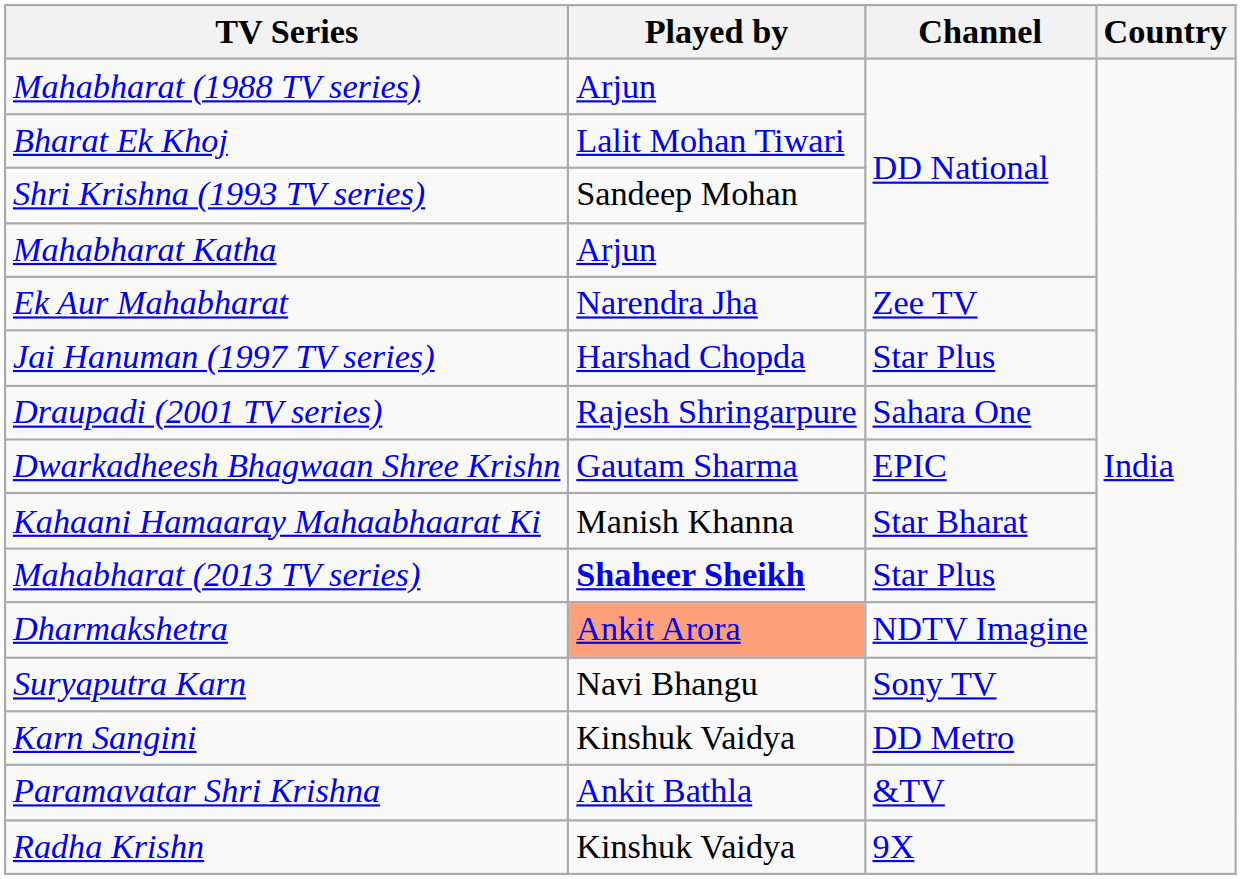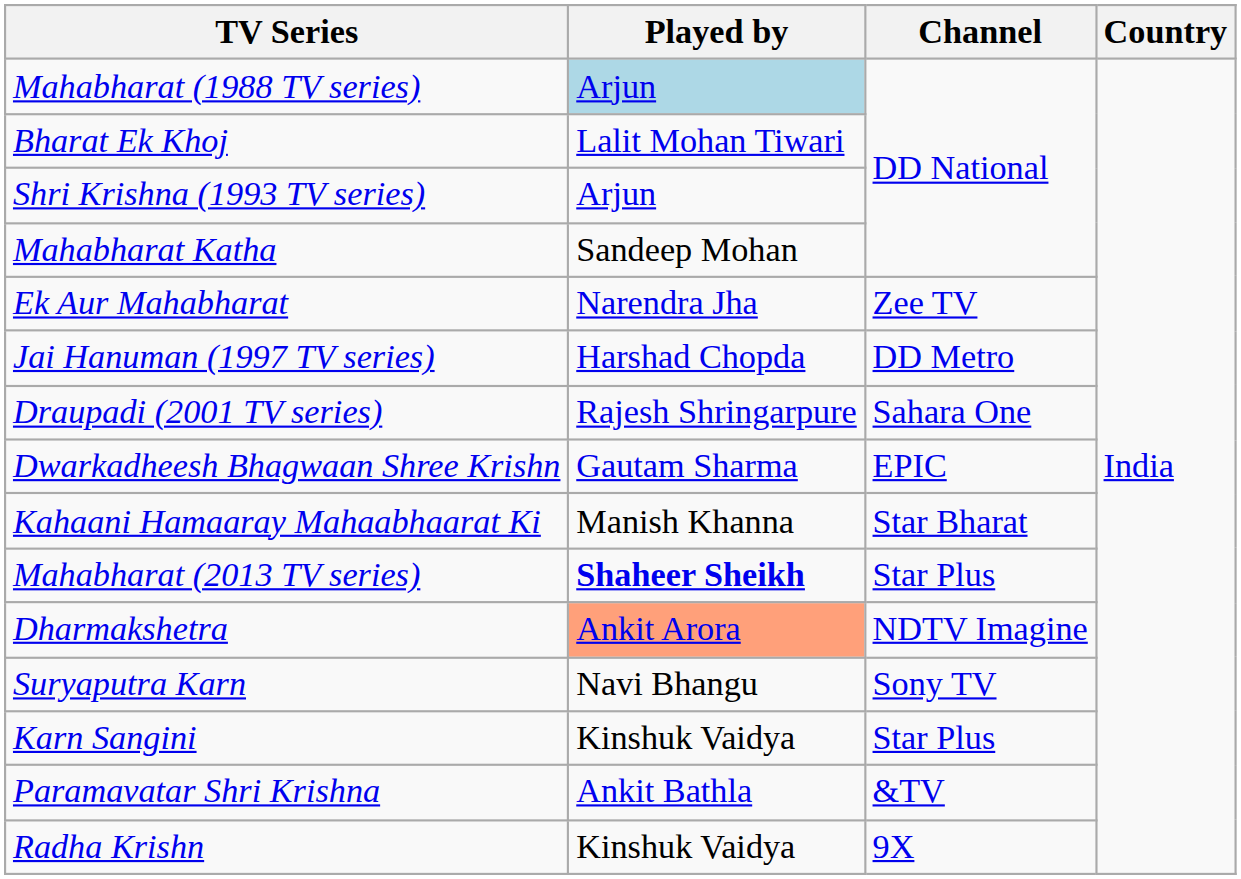 <table class="wikitable sortable">
 <tr>
 <th>TV Series</th>
 <th>Played by</th>
 <th>Channel</th>
 <th>Country</th>
 </tr>
 <tr>
 <td><em><a href='#'>Mahabharat (1988 TV series)</a></em></td>
-<td><a href='#'>Arjun</a></td>
+<td style="background: lightblue;"><a href='#'>Arjun</a></td>
 <td rowspan="4"><a href='#'>DD National</a></td>
 <td rowspan="15"><a href='#'>India</a></td>
 </tr>
 <tr>
 <td><em><a href='#'>Bharat Ek Khoj</a></em></td>
 <td><a href='#'>Lalit Mohan Tiwari</a></td>
 </tr>
 <tr>
 <td><em><a href='#'>Shri Krishna (1993 TV series)</a></em></td>
-<td>Sandeep Mohan</td>
+<td><a href='#'>Arjun</a></td>
 </tr>
 <tr>
 <td><em><a href='#'>Mahabharat Katha</a></em></td>
-<td><a href='#'>Arjun</a></td>
+<td>Sandeep Mohan</td>
 </tr>
 <tr>
 <td><em><a href='#'>Ek Aur Mahabharat</a></em></td>
 <td><a href='#'>Narendra Jha</a></td>
 <td><a href='#'>Zee TV</a></td>
 </tr>
 <tr>
 <td><em><a href='#'>Jai Hanuman (1997 TV series)</a></em></td>
 <td><a href='#'>Harshad Chopda</a></td>
-<td><a href='#'>Star Plus</a></td>
+<td><a href='#'>DD Metro</a></td>
 </tr>
 <tr>
 <td><em><a href='#'>Draupadi (2001 TV series)</a></em></td>
 <td><a href='#'>Rajesh Shringarpure</a></td>
 <td><a href='#'>Sahara One</a></td>
 </tr>
 <tr>
 <td><em><a href='#'>Dwarkadheesh Bhagwaan Shree Krishn</a></em></td>
 <td><a href='#'>Gautam Sharma</a></td>
 <td><a href='#'>EPIC</a></td>
 </tr>
 <tr>
 <td><em><a href='#'>Kahaani Hamaaray Mahaabhaarat Ki</a></em></td>
 <td>Manish Khanna</td>
 <td><a href='#'>Star Bharat</a></td>
 </tr>
 <tr>
 <td><em><a href='#'>Mahabharat (2013 TV series)</a></em></td>
 <td><strong><a href='#'>Shaheer Sheikh</a></strong></td>
 <td><a href='#'>Star Plus</a></td>
 </tr>
 <tr>
 <td><em><a href='#'>Dharmakshetra</a></em></td>
 <td style="background: lightsalmon;"><a href='#'>Ankit Arora</a></td>
 <td><a href='#'>NDTV Imagine</a></td>
 </tr>
 <tr>
 <td><em><a href='#'>Suryaputra Karn</a></em></td>
 <td>Navi Bhangu</td>
 <td><a href='#'>Sony TV</a></td>
 </tr>
 <tr>
 <td><em><a href='#'>Karn Sangini</a></em></td>
 <td>Kinshuk Vaidya</td>
-<td><a href='#'>DD Metro</a></td>
+<td><a href='#'>Star Plus</a></td>
 </tr>
 <tr>
 <td><em><a href='#'>Paramavatar Shri Krishna</a></em></td>
 <td><a href='#'>Ankit Bathla</a></td>
 <td><a href='#'>&TV</a></td>
 </tr>
 <tr>
 <td><em><a href='#'>Radha Krishn</a></em></td>
 <td>Kinshuk Vaidya</td>
 <td><a href='#'>9X</a></td>
 </tr>
 </table>
